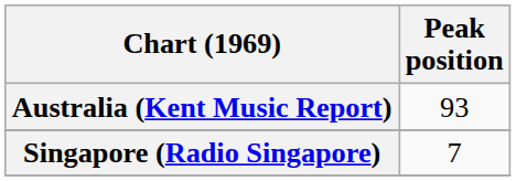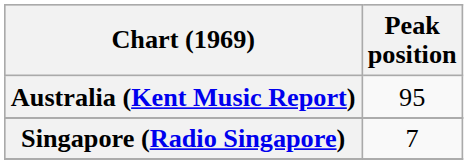 <table class="wikitable sortable plainrowheaders" style="text-align:center">
 <tr>
 <th>Chart (1969)</th>
 <th>Peak<br>position</th>
 </tr>
 <tr>
 <th scope="row">Australia (<a href='#'>Kent Music Report</a>)</th>
-<td>93</td>
+<td>95</td>
 </tr>
 <tr>
 </tr>
 <tr>
 </tr>
 <tr>
 </tr>
 <tr>
 <th scope="row">Singapore (<a href='#'>Radio Singapore</a>)</th>
 <td>7</td>
 </tr>
 <tr>
 </tr>
 </table>
